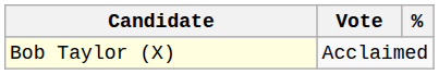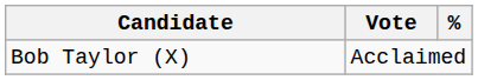 <table class="wikitable">
 <tr>
 <th bgcolor="#DDDDFF" width="200px">Candidate</th>
 <th bgcolor="#DDDDFF">Vote</th>
 <th bgcolor="#DDDDFF">%</th>
 </tr>
 <tr>
-<td style="background: lightyellow;">Bob Taylor (X)</td>
+<td>Bob Taylor (X)</td>
 <td colspan="2">Acclaimed</td>
 </tr>
 </table>
